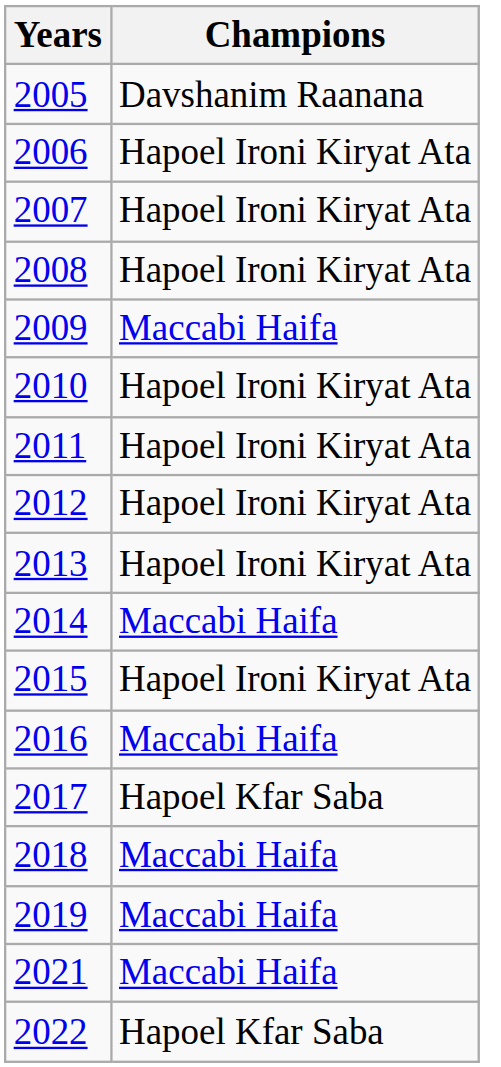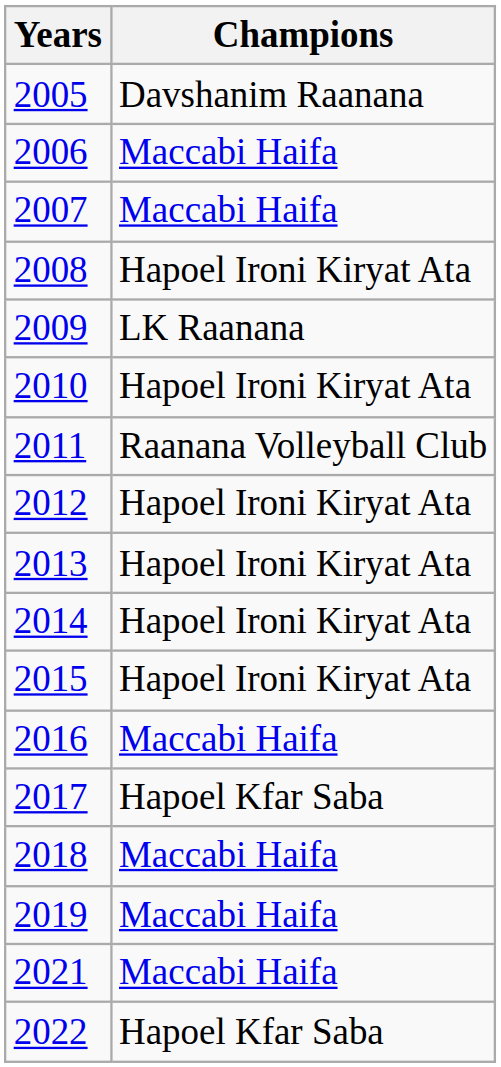 <table class="wikitable" style="display:inline-table;">
 <tr>
 <th>Years</th>
 <th>Champions</th>
 </tr>
 <tr>
 <td><a href='#'>2005</a></td>
 <td>Davshanim Raanana</td>
 </tr>
 <tr>
 <td><a href='#'>2006</a></td>
-<td>Hapoel Ironi Kiryat Ata</td>
+<td><a href='#'>Maccabi Haifa</a></td>
 </tr>
 <tr>
 <td><a href='#'>2007</a></td>
-<td>Hapoel Ironi Kiryat Ata</td>
+<td><a href='#'>Maccabi Haifa</a></td>
 </tr>
 <tr>
 <td><a href='#'>2008</a></td>
 <td>Hapoel Ironi Kiryat Ata</td>
 </tr>
 <tr>
 <td><a href='#'>2009</a></td>
-<td><a href='#'>Maccabi Haifa</a></td>
+<td>LK Raanana</td>
 </tr>
 <tr>
 <td><a href='#'>2010</a></td>
 <td>Hapoel Ironi Kiryat Ata</td>
 </tr>
 <tr>
 <td><a href='#'>2011</a></td>
-<td>Hapoel Ironi Kiryat Ata</td>
+<td>Raanana Volleyball Club</td>
 </tr>
 <tr>
 <td><a href='#'>2012</a></td>
 <td>Hapoel Ironi Kiryat Ata</td>
 </tr>
 <tr>
 <td><a href='#'>2013</a></td>
 <td>Hapoel Ironi Kiryat Ata</td>
 </tr>
 <tr>
 <td><a href='#'>2014</a></td>
-<td><a href='#'>Maccabi Haifa</a></td>
+<td>Hapoel Ironi Kiryat Ata</td>
 </tr>
 <tr>
 <td><a href='#'>2015</a></td>
 <td>Hapoel Ironi Kiryat Ata</td>
 </tr>
 <tr>
 <td><a href='#'>2016</a></td>
 <td><a href='#'>Maccabi Haifa</a></td>
 </tr>
 <tr>
 <td><a href='#'>2017</a></td>
 <td>Hapoel Kfar Saba</td>
 </tr>
 <tr>
 <td><a href='#'>2018</a></td>
 <td><a href='#'>Maccabi Haifa</a></td>
 </tr>
 <tr>
 <td><a href='#'>2019</a></td>
 <td><a href='#'>Maccabi Haifa</a></td>
 </tr>
 <tr>
 <td><a href='#'>2021</a></td>
 <td><a href='#'>Maccabi Haifa</a></td>
 </tr>
 <tr>
 <td><a href='#'>2022</a></td>
 <td>Hapoel Kfar Saba</td>
 </tr>
 </table>
